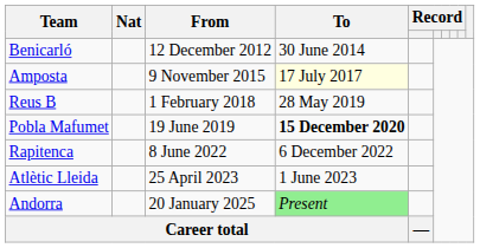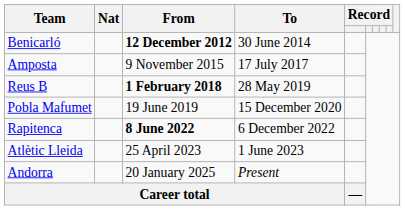 <table class="wikitable" style="text-align: center">
 <tr>
 <th rowspan="2">Team</th>
 <th rowspan="2">Nat</th>
 <th rowspan="2">From</th>
 <th rowspan="2">To</th>
 <th colspan="5">Record</th>
 <th rowspan=2></th>
 </tr>
 <tr>
 <th></th>
 <th></th>
 <th></th>
 <th></th>
 <th></th>
 </tr>
 <tr>
 <td align="left"><a href='#'>Benicarló</a></td>
 <td></td>
-<td align=left>12 December 2012</td>
+<td align=left><strong>12 December 2012</strong></td>
 <td align=left>30 June 2014<br></td>
 <td></td>
 </tr>
 <tr>
 <td align="left"><a href='#'>Amposta</a></td>
 <td></td>
 <td align=left>9 November 2015</td>
-<td align=left style="background: lightyellow;">17 July 2017<br></td>
+<td align=left>17 July 2017<br></td>
 <td></td>
 </tr>
 <tr>
 <td align="left"><a href='#'>Reus B</a></td>
 <td></td>
-<td align=left>1 February 2018</td>
+<td align=left><strong>1 February 2018</strong></td>
 <td align=left>28 May 2019<br></td>
 <td></td>
 </tr>
 <tr>
 <td align="left"><a href='#'>Pobla Mafumet</a></td>
 <td></td>
 <td align=left>19 June 2019</td>
-<td align=left><strong>15 December 2020<br></strong></td>
+<td align=left>15 December 2020<br></td>
 <td></td>
 </tr>
 <tr>
 <td align="left"><a href='#'>Rapitenca</a></td>
 <td></td>
-<td align=left>8 June 2022</td>
+<td align=left><strong>8 June 2022</strong></td>
 <td align=left>6 December 2022<br></td>
 <td></td>
 </tr>
 <tr>
 <td align="left"><a href='#'>Atlètic Lleida</a></td>
 <td></td>
 <td align=left>25 April 2023</td>
 <td align=left>1 June 2023<br></td>
 <td></td>
 </tr>
 <tr>
 <td align="left"><a href='#'>Andorra</a></td>
 <td></td>
 <td align=left>20 January 2025</td>
-<td align=left style="background: lightgreen;"><em>Present</em><br></td>
+<td align=left><em>Present</em><br></td>
 <td></td>
 </tr>
 <tr>
 <th colspan=4>Career total<br></th>
 <th>—</th>
 </tr>
 </table>
